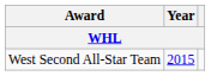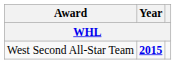 <table class="wikitable">
 <tr>
 <th>Award</th>
 <th>Year</th>
 <th></th>
 </tr>
 <tr ALIGN="center" bgcolor="#e0e0e0">
 <th colspan="3"><a href='#'>WHL</a></th>
 </tr>
 <tr>
 <td>West Second All-Star Team</td>
-<td><a href='#'>2015</a></td>
+<td><strong><a href='#'>2015</a></strong></td>
 <td></td>
 </tr>
 </table>
